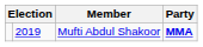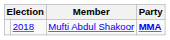 <table class="wikitable">
 <tr>
 <th colspan="2">Election</th>
 <th>Member</th>
 <th>Party</th>
 </tr>
 <tr>
 <td style="background-color: "></td>
-<td><a href='#'>2019</a></td>
+<td><a href='#'>2018</a></td>
 <td><a href='#'>Mufti Abdul Shakoor</a></td>
 <td><strong><a href='#'>MMA</a></strong></td>
 </tr>
 </table>
